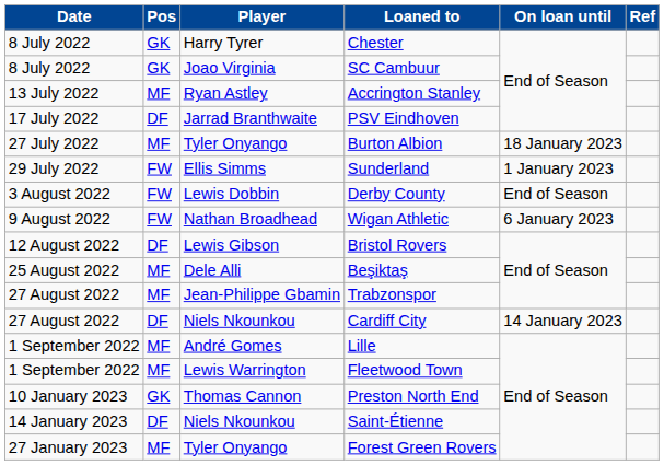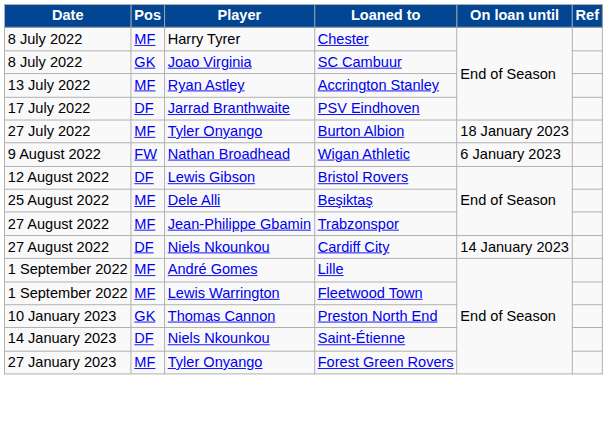 <table class="wikitable plainrowheaders sortable">
 <tr>
 <th style="background:#014593; color:#ffffff; ">Date</th>
 <th style="background:#014593; color:#ffffff; ">Pos</th>
 <th style="background:#014593; color:#ffffff; ">Player</th>
 <th style="background:#014593; color:#ffffff; ">Loaned to</th>
 <th style="background:#014593; color:#ffffff; ">On loan until</th>
 <th style="background:#014593; color:#ffffff; ">Ref</th>
 </tr>
 <tr>
 <td>8 July 2022</td>
-<td><a href='#'>GK</a></td>
+<td><a href='#'>MF</a></td>
 <td> Harry Tyrer</td>
 <td> <a href='#'>Chester</a></td>
 <td rowspan=4>End of Season</td>
 <td></td>
 </tr>
 <tr>
 <td>8 July 2022</td>
 <td><a href='#'>GK</a></td>
 <td> <a href='#'>Joao Virginia</a></td>
 <td> <a href='#'>SC Cambuur</a></td>
 <td></td>
 </tr>
 <tr>
 <td>13 July 2022</td>
 <td><a href='#'>MF</a></td>
 <td> <a href='#'>Ryan Astley</a></td>
 <td> <a href='#'>Accrington Stanley</a></td>
 <td></td>
 </tr>
 <tr>
 <td>17 July 2022</td>
 <td><a href='#'>DF</a></td>
 <td> <a href='#'>Jarrad Branthwaite</a></td>
 <td> <a href='#'>PSV Eindhoven</a></td>
 <td></td>
 </tr>
 <tr>
 <td>27 July 2022</td>
 <td><a href='#'>MF</a></td>
 <td> <a href='#'>Tyler Onyango</a></td>
 <td> <a href='#'>Burton Albion</a></td>
 <td>18 January 2023</td>
-<td></td>
-</tr>
-<tr>
-<td>29 July 2022</td>
-<td><a href='#'>FW</a></td>
-<td> <a href='#'>Ellis Simms</a></td>
-<td> <a href='#'>Sunderland</a></td>
-<td>1 January 2023</td>
-<td></td>
-</tr>
-<tr>
-<td>3 August 2022</td>
-<td><a href='#'>FW</a></td>
-<td> <a href='#'>Lewis Dobbin</a></td>
-<td> <a href='#'>Derby County</a></td>
-<td>End of Season</td>
 <td></td>
 </tr>
 <tr>
 <td>9 August 2022</td>
 <td><a href='#'>FW</a></td>
 <td> <a href='#'>Nathan Broadhead</a></td>
 <td> <a href='#'>Wigan Athletic</a></td>
 <td>6 January 2023</td>
 <td></td>
 </tr>
 <tr>
 <td>12 August 2022</td>
 <td><a href='#'>DF</a></td>
 <td> <a href='#'>Lewis Gibson</a></td>
 <td> <a href='#'>Bristol Rovers</a></td>
 <td rowspan=3>End of Season</td>
 <td></td>
 </tr>
 <tr>
 <td>25 August 2022</td>
 <td><a href='#'>MF</a></td>
 <td> <a href='#'>Dele Alli</a></td>
 <td> <a href='#'>Beşiktaş</a></td>
 <td></td>
 </tr>
 <tr>
 <td>27 August 2022</td>
 <td><a href='#'>MF</a></td>
 <td> <a href='#'>Jean-Philippe Gbamin</a></td>
 <td> <a href='#'>Trabzonspor</a></td>
 <td></td>
 </tr>
 <tr>
 <td>27 August 2022</td>
 <td><a href='#'>DF</a></td>
 <td> <a href='#'>Niels Nkounkou</a></td>
 <td> <a href='#'>Cardiff City</a></td>
 <td>14 January 2023</td>
 <td></td>
 </tr>
 <tr>
 <td>1 September 2022</td>
 <td><a href='#'>MF</a></td>
 <td> <a href='#'>André Gomes</a></td>
 <td> <a href='#'>Lille</a></td>
 <td rowspan=5>End of Season</td>
 <td></td>
 </tr>
 <tr>
 <td>1 September 2022</td>
 <td><a href='#'>MF</a></td>
 <td> <a href='#'>Lewis Warrington</a></td>
 <td> <a href='#'>Fleetwood Town</a></td>
 <td></td>
 </tr>
 <tr>
 <td>10 January 2023</td>
 <td><a href='#'>GK</a></td>
 <td> <a href='#'>Thomas Cannon</a></td>
 <td> <a href='#'>Preston North End</a></td>
 <td></td>
 </tr>
 <tr>
 <td>14 January 2023</td>
 <td><a href='#'>DF</a></td>
 <td> <a href='#'>Niels Nkounkou</a></td>
 <td> <a href='#'>Saint-Étienne</a></td>
 <td></td>
 </tr>
 <tr>
 <td>27 January 2023</td>
 <td><a href='#'>MF</a></td>
 <td> <a href='#'>Tyler Onyango</a></td>
 <td> <a href='#'>Forest Green Rovers</a></td>
 <td></td>
 </tr>
 </table>
